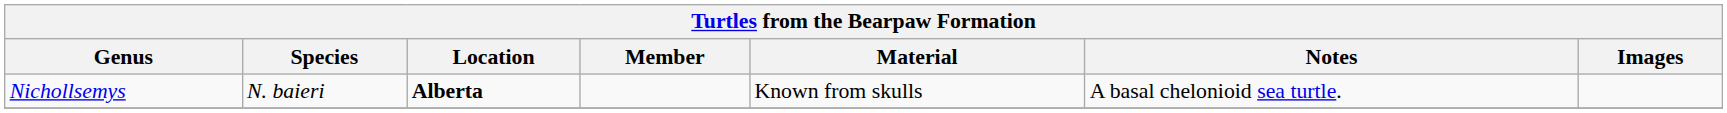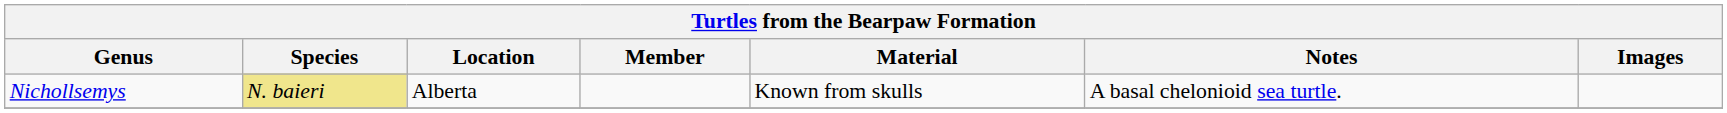 <table class="wikitable"  style="margin:auto; width:100%;">
 <tr>
 <th colspan="7" align="center"><strong><a href='#'>Turtles</a> from the Bearpaw Formation</strong></th>
 </tr>
 <tr>
 <th>Genus</th>
 <th>Species</th>
 <th>Location</th>
 <th>Member</th>
 <th>Material</th>
 <th>Notes</th>
 <th>Images</th>
 </tr>
 <tr>
 <td><em><a href='#'>Nichollsemys</a></em></td>
-<td><em>N. baieri</em></td>
-<td><strong>Alberta</strong></td>
+<td style="background: khaki;"><em>N. baieri</em></td>
+<td>Alberta</td>
 <td></td>
 <td>Known from skulls</td>
 <td>A basal chelonioid <a href='#'>sea turtle</a>.</td>
 <td></td>
 </tr>
 <tr>
 </tr>
 </table>
